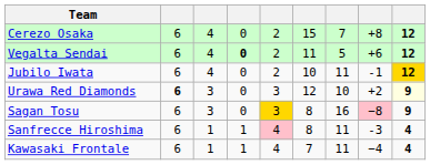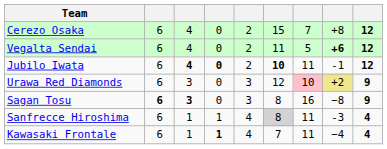 <table class="wikitable" style="text-align:center;">
 <tr>
 <th width=165>Team</th>
 <th width=30></th>
 <th width=30></th>
 <th width=30></th>
 <th width=30></th>
 <th width=30></th>
 <th width=30></th>
 <th width=30></th>
 <th width=30></th>
 </tr>
 <tr bgcolor="#ccffcc">
 <td align=left><a href='#'>Cerezo Osaka</a></td>
 <td>6</td>
 <td>4</td>
 <td>0</td>
 <td>2</td>
 <td>15</td>
 <td>7</td>
 <td>+8</td>
 <td><strong>12</strong></td>
 </tr>
 <tr bgcolor="#ccffcc">
 <td align=left><a href='#'>Vegalta Sendai</a></td>
 <td>6</td>
 <td>4</td>
-<td><strong>0</strong></td>
+<td>0</td>
 <td>2</td>
 <td>11</td>
 <td>5</td>
-<td>+6</td>
+<td><strong>+6</strong></td>
 <td><strong>12</strong></td>
 </tr>
 <tr>
 <td align=left><a href='#'>Jubilo Iwata</a></td>
 <td>6</td>
-<td>4</td>
-<td>0</td>
+<td><strong>4</strong></td>
+<td><strong>0</strong></td>
 <td>2</td>
-<td>10</td>
+<td><strong>10</strong></td>
 <td>11</td>
 <td>-1</td>
-<td style="background: gold;"><strong>12</strong></td>
+<td><strong>12</strong></td>
 </tr>
 <tr>
 <td align=left><a href='#'>Urawa Red Diamonds</a></td>
-<td><strong>6</strong></td>
+<td>6</td>
 <td>3</td>
 <td>0</td>
 <td>3</td>
 <td>12</td>
-<td>10</td>
-<td>+2</td>
-<td style="background: lightyellow;"><strong>9</strong></td>
+<td style="background: pink;">10</td>
+<td style="background: khaki;">+2</td>
+<td><strong>9</strong></td>
 </tr>
 <tr>
 <td align=left><a href='#'>Sagan Tosu</a></td>
-<td>6</td>
+<td><strong>6</strong></td>
+<td><strong>3</strong></td>
+<td>0</td>
 <td>3</td>
-<td>0</td>
-<td style="background: gold;">3</td>
 <td>8</td>
 <td>16</td>
-<td style="background: pink;">−8</td>
+<td>−8</td>
 <td><strong>9</strong></td>
 </tr>
 <tr>
 <td align=left><a href='#'>Sanfrecce Hiroshima</a></td>
 <td>6</td>
 <td>1</td>
 <td>1</td>
-<td style="background: pink;">4</td>
-<td>8</td>
+<td>4</td>
+<td style="background: lightgrey;">8</td>
 <td>11</td>
 <td>-3</td>
 <td><strong>4</strong></td>
 </tr>
 <tr>
 <td align=left><a href='#'>Kawasaki Frontale</a></td>
 <td>6</td>
 <td>1</td>
-<td>1</td>
+<td><strong>1</strong></td>
 <td>4</td>
 <td>7</td>
 <td>11</td>
 <td>−4</td>
 <td><strong>4</strong></td>
 </tr>
 </table>
